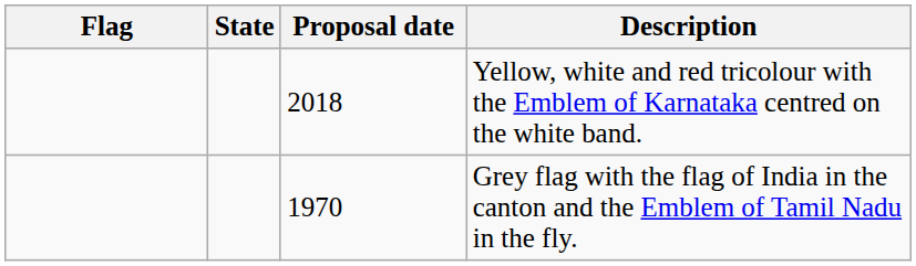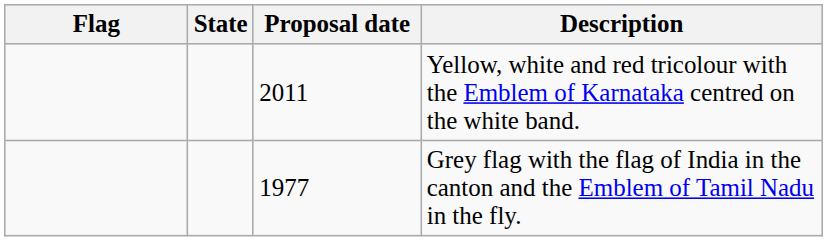 <table class="wikitable sortable">
 <tr>
 <th class="unsortable" style="width:110px;">Flag</th>
 <th>State</th>
 <th style="width:100px;">Proposal date</th>
 <th class="unsortable" style="width:250px;">Description</th>
 </tr>
 <tr>
 <td></td>
 <td></td>
-<td>2018</td>
+<td>2011</td>
 <td>Yellow, white and red tricolour with the <a href='#'>Emblem of Karnataka</a> centred on the white band.</td>
 </tr>
 <tr>
 <td></td>
 <td></td>
-<td>1970</td>
+<td>1977</td>
 <td>Grey flag with the flag of India in the canton and the <a href='#'>Emblem of Tamil Nadu</a> in the fly.</td>
 </tr>
 </table>
